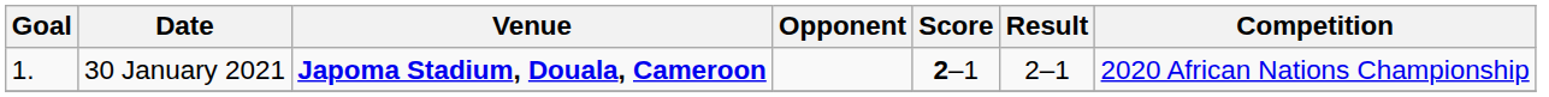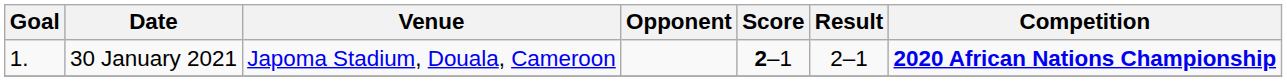 <table class="wikitable plainrowheaders sortable">
 <tr>
 <th>Goal</th>
 <th>Date</th>
 <th>Venue</th>
 <th>Opponent</th>
 <th>Score</th>
 <th>Result</th>
 <th>Competition</th>
 </tr>
 <tr>
 <td>1.</td>
 <td>30 January 2021</td>
-<td><strong><a href='#'>Japoma Stadium</a>, <a href='#'>Douala</a>, <a href='#'>Cameroon</a></strong></td>
+<td><a href='#'>Japoma Stadium</a>, <a href='#'>Douala</a>, <a href='#'>Cameroon</a></td>
 <td></td>
 <td align=center><strong>2</strong>–1</td>
 <td align=center>2–1</td>
-<td><a href='#'>2020 African Nations Championship</a></td>
+<td><strong><a href='#'>2020 African Nations Championship</a></strong></td>
 </tr>
 <tr>
 </tr>
 </table>
